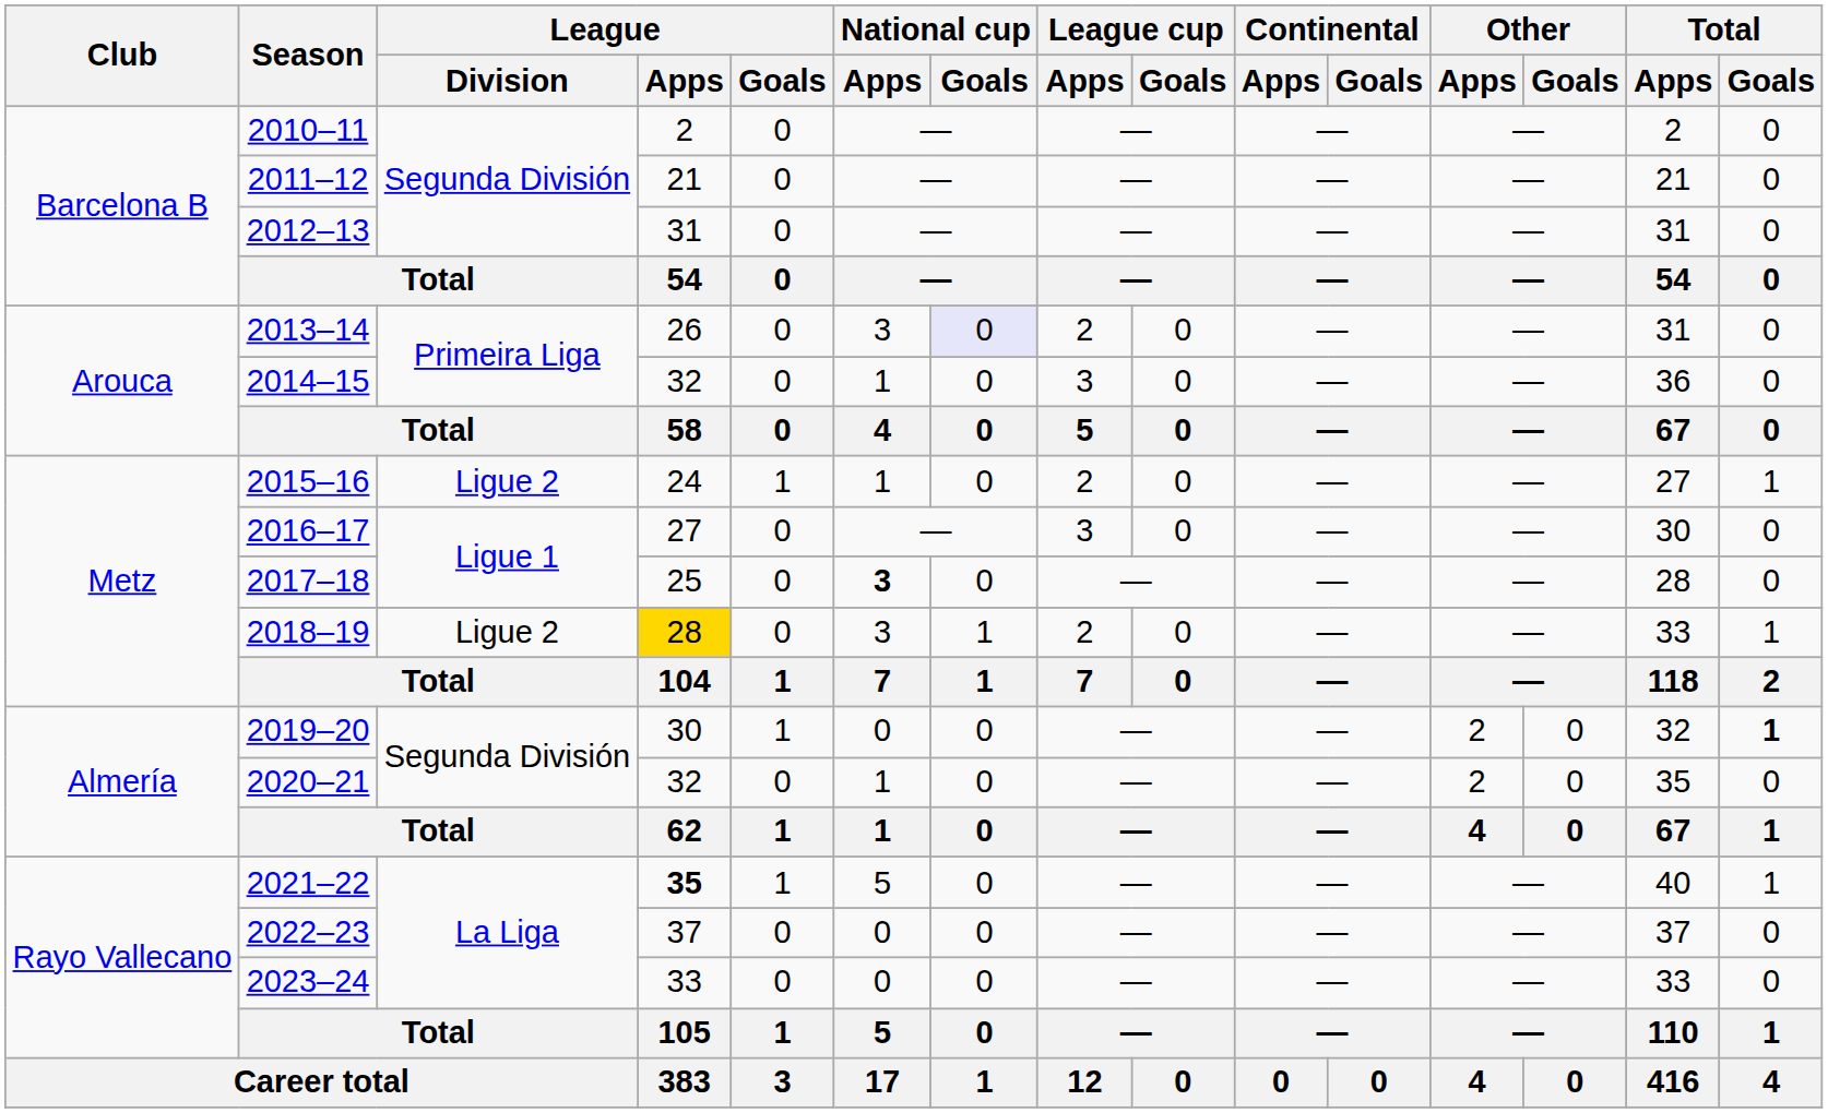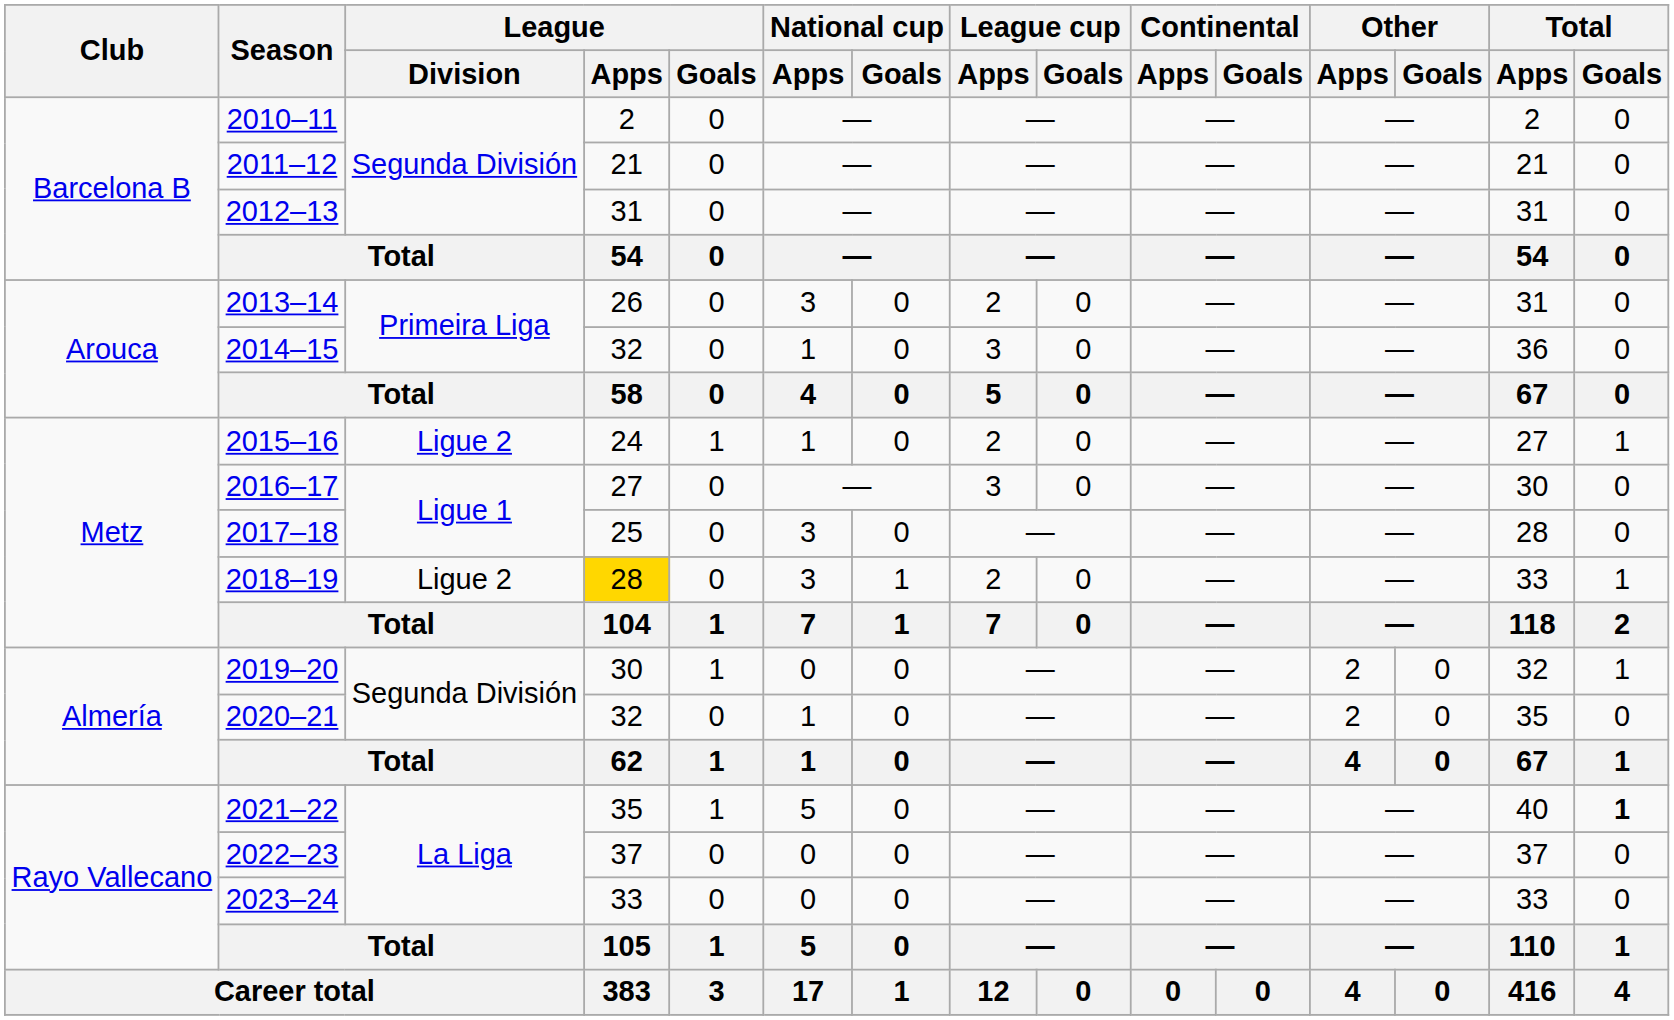 <table class="wikitable" style="text-align:center">
 <tr>
 <th rowspan="2">Club</th>
 <th rowspan="2">Season</th>
 <th colspan="3">League</th>
 <th colspan="2">National cup</th>
 <th colspan="2">League cup</th>
 <th colspan="2">Continental</th>
 <th colspan="2">Other</th>
 <th colspan="2">Total</th>
 </tr>
 <tr>
 <th>Division</th>
 <th>Apps</th>
 <th>Goals</th>
 <th>Apps</th>
 <th>Goals</th>
 <th>Apps</th>
 <th>Goals</th>
 <th>Apps</th>
 <th>Goals</th>
 <th>Apps</th>
 <th>Goals</th>
 <th>Apps</th>
 <th>Goals</th>
 </tr>
 <tr>
 <td rowspan="4"><a href='#'>Barcelona B</a></td>
 <td><a href='#'>2010–11</a></td>
 <td rowspan="3"><a href='#'>Segunda División</a></td>
 <td>2</td>
 <td>0</td>
 <td colspan="2">—</td>
 <td colspan="2">—</td>
 <td colspan="2">—</td>
 <td colspan="2">—</td>
 <td>2</td>
 <td>0</td>
 </tr>
 <tr>
 <td><a href='#'>2011–12</a></td>
 <td>21</td>
 <td>0</td>
 <td colspan="2">—</td>
 <td colspan="2">—</td>
 <td colspan="2">—</td>
 <td colspan="2">—</td>
 <td>21</td>
 <td>0</td>
 </tr>
 <tr>
 <td><a href='#'>2012–13</a></td>
 <td>31</td>
 <td>0</td>
 <td colspan="2">—</td>
 <td colspan="2">—</td>
 <td colspan="2">—</td>
 <td colspan="2">—</td>
 <td>31</td>
 <td>0</td>
 </tr>
 <tr>
 <th colspan="2">Total</th>
 <th>54</th>
 <th>0</th>
 <th colspan="2">—</th>
 <th colspan="2">—</th>
 <th colspan="2">—</th>
 <th colspan="2">—</th>
 <th>54</th>
 <th>0</th>
 </tr>
 <tr>
 <td rowspan="3"><a href='#'>Arouca</a></td>
 <td><a href='#'>2013–14</a></td>
 <td rowspan="2"><a href='#'>Primeira Liga</a></td>
 <td>26</td>
 <td>0</td>
 <td>3</td>
-<td style="background: lavender;">0</td>
+<td>0</td>
 <td>2</td>
 <td>0</td>
 <td colspan="2">—</td>
 <td colspan="2">—</td>
 <td>31</td>
 <td>0</td>
 </tr>
 <tr>
 <td><a href='#'>2014–15</a></td>
 <td>32</td>
 <td>0</td>
 <td>1</td>
 <td>0</td>
 <td>3</td>
 <td>0</td>
 <td colspan="2">—</td>
 <td colspan="2">—</td>
 <td>36</td>
 <td>0</td>
 </tr>
 <tr>
 <th colspan="2">Total</th>
 <th>58</th>
 <th>0</th>
 <th>4</th>
 <th>0</th>
 <th>5</th>
 <th>0</th>
 <th colspan="2">—</th>
 <th colspan="2">—</th>
 <th>67</th>
 <th>0</th>
 </tr>
 <tr>
 <td rowspan="5"><a href='#'>Metz</a></td>
 <td><a href='#'>2015–16</a></td>
 <td rowspan="1"><a href='#'>Ligue 2</a></td>
 <td>24</td>
 <td>1</td>
 <td>1</td>
 <td>0</td>
 <td>2</td>
 <td>0</td>
 <td colspan="2">—</td>
 <td colspan="2">—</td>
 <td>27</td>
 <td>1</td>
 </tr>
 <tr>
 <td><a href='#'>2016–17</a></td>
 <td rowspan="2"><a href='#'>Ligue 1</a></td>
 <td>27</td>
 <td>0</td>
 <td colspan="2">—</td>
 <td>3</td>
 <td>0</td>
 <td colspan="2">—</td>
 <td colspan="2">—</td>
 <td>30</td>
 <td>0</td>
 </tr>
 <tr>
 <td><a href='#'>2017–18</a></td>
 <td>25</td>
 <td>0</td>
-<td><strong>3</strong></td>
+<td>3</td>
 <td>0</td>
 <td colspan="2">—</td>
 <td colspan="2">—</td>
 <td colspan="2">—</td>
 <td>28</td>
 <td>0</td>
 </tr>
 <tr>
 <td><a href='#'>2018–19</a></td>
 <td>Ligue 2</td>
 <td style="background: gold;">28</td>
 <td>0</td>
 <td>3</td>
 <td>1</td>
 <td>2</td>
 <td>0</td>
 <td colspan="2">—</td>
 <td colspan="2">—</td>
 <td>33</td>
 <td>1</td>
 </tr>
 <tr>
 <th colspan="2">Total</th>
 <th>104</th>
 <th>1</th>
 <th>7</th>
 <th>1</th>
 <th>7</th>
 <th>0</th>
 <th colspan="2">—</th>
 <th colspan="2">—</th>
 <th>118</th>
 <th>2</th>
 </tr>
 <tr>
 <td rowspan="3"><a href='#'>Almería</a></td>
 <td><a href='#'>2019–20</a></td>
 <td rowspan="2">Segunda División</td>
 <td>30</td>
 <td>1</td>
 <td>0</td>
 <td>0</td>
 <td colspan="2">—</td>
 <td colspan="2">—</td>
 <td>2</td>
 <td>0</td>
 <td>32</td>
-<td><strong>1</strong></td>
+<td>1</td>
 </tr>
 <tr>
 <td><a href='#'>2020–21</a></td>
 <td>32</td>
 <td>0</td>
 <td>1</td>
 <td>0</td>
 <td colspan="2">—</td>
 <td colspan="2">—</td>
 <td>2</td>
 <td>0</td>
 <td>35</td>
 <td>0</td>
 </tr>
 <tr>
 <th colspan="2">Total</th>
 <th>62</th>
 <th>1</th>
 <th>1</th>
 <th>0</th>
 <th colspan="2">—</th>
 <th colspan="2">—</th>
 <th>4</th>
 <th>0</th>
 <th>67</th>
 <th>1</th>
 </tr>
 <tr>
 <td rowspan="4"><a href='#'>Rayo Vallecano</a></td>
 <td><a href='#'>2021–22</a></td>
 <td rowspan="3"><a href='#'>La Liga</a></td>
-<td><strong>35</strong></td>
+<td>35</td>
 <td>1</td>
 <td>5</td>
 <td>0</td>
 <td colspan="2">—</td>
 <td colspan="2">—</td>
 <td colspan="2">—</td>
 <td>40</td>
-<td>1</td>
+<td><strong>1</strong></td>
 </tr>
 <tr>
 <td><a href='#'>2022–23</a></td>
 <td>37</td>
 <td>0</td>
 <td>0</td>
 <td>0</td>
 <td colspan="2">—</td>
 <td colspan="2">—</td>
 <td colspan="2">—</td>
 <td>37</td>
 <td>0</td>
 </tr>
 <tr>
 <td><a href='#'>2023–24</a></td>
 <td>33</td>
 <td>0</td>
 <td>0</td>
 <td>0</td>
 <td colspan="2">—</td>
 <td colspan="2">—</td>
 <td colspan="2">—</td>
 <td>33</td>
 <td>0</td>
 </tr>
 <tr>
 <th colspan="2">Total</th>
 <th>105</th>
 <th>1</th>
 <th>5</th>
 <th>0</th>
 <th colspan="2">—</th>
 <th colspan="2">—</th>
 <th colspan="2">—</th>
 <th>110</th>
 <th>1</th>
 </tr>
 <tr>
 <th colspan="3">Career total</th>
 <th>383</th>
 <th>3</th>
 <th>17</th>
 <th>1</th>
 <th>12</th>
 <th>0</th>
 <th>0</th>
 <th>0</th>
 <th>4</th>
 <th>0</th>
 <th>416</th>
 <th>4</th>
 </tr>
 </table>
